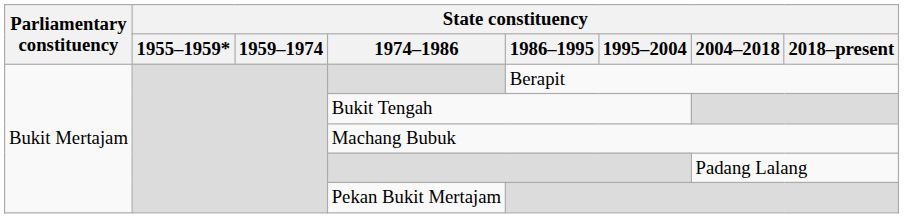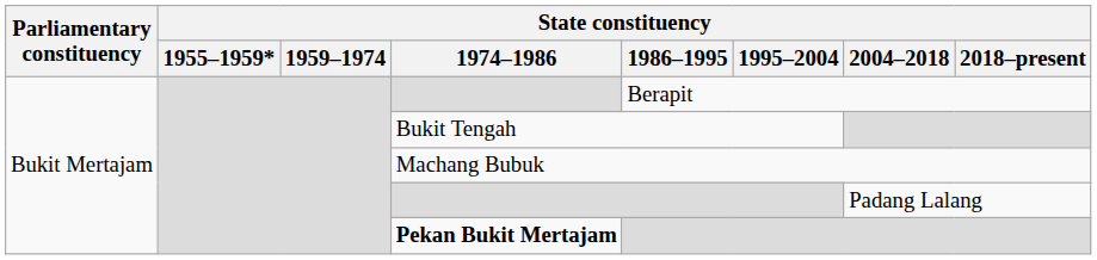 <table class="wikitable">
 <tr>
 <th rowspan="2">Parliamentary<br>constituency</th>
 <th colspan="7">State constituency</th>
 </tr>
 <tr>
 <th>1955–1959*</th>
 <th>1959–1974</th>
 <th>1974–1986</th>
 <th>1986–1995</th>
 <th>1995–2004</th>
 <th>2004–2018</th>
 <th>2018–present</th>
 </tr>
 <tr>
 <td rowspan="5">Bukit Mertajam</td>
 <td colspan="2" rowspan="5" bgcolor="dcdcdc"></td>
 <td bgcolor="dcdcdc"></td>
 <td colspan="4">Berapit</td>
 </tr>
 <tr>
 <td colspan="3">Bukit Tengah</td>
 <td colspan="2" bgcolor="dcdcdc"></td>
 </tr>
 <tr>
 <td colspan="5">Machang Bubuk</td>
 </tr>
 <tr>
 <td colspan="3" bgcolor="dcdcdc"></td>
 <td colspan="2">Padang Lalang</td>
 </tr>
 <tr>
-<td>Pekan Bukit Mertajam</td>
+<td><strong>Pekan Bukit Mertajam</strong></td>
 <td colspan="4" bgcolor="dcdcdc"></td>
 </tr>
 </table>
